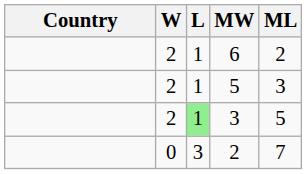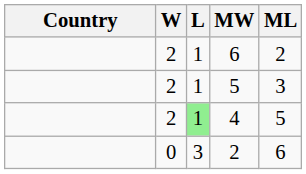 <table class="wikitable sortable" style="text-align:center">
 <tr>
 <th width=110>Country</th>
 <th>W</th>
 <th>L</th>
 <th>MW</th>
 <th>ML</th>
 </tr>
 <tr>
 <td align=left><strong></strong></td>
 <td>2</td>
 <td>1</td>
 <td>6</td>
 <td>2</td>
 </tr>
 <tr>
 <td align=left></td>
 <td>2</td>
 <td>1</td>
 <td>5</td>
 <td>3</td>
 </tr>
 <tr>
 <td align=left></td>
 <td>2</td>
 <td style="background: lightgreen;">1</td>
-<td>3</td>
+<td>4</td>
 <td>5</td>
 </tr>
 <tr>
 <td align=left></td>
 <td>0</td>
 <td>3</td>
 <td>2</td>
-<td>7</td>
+<td>6</td>
 </tr>
 </table>
